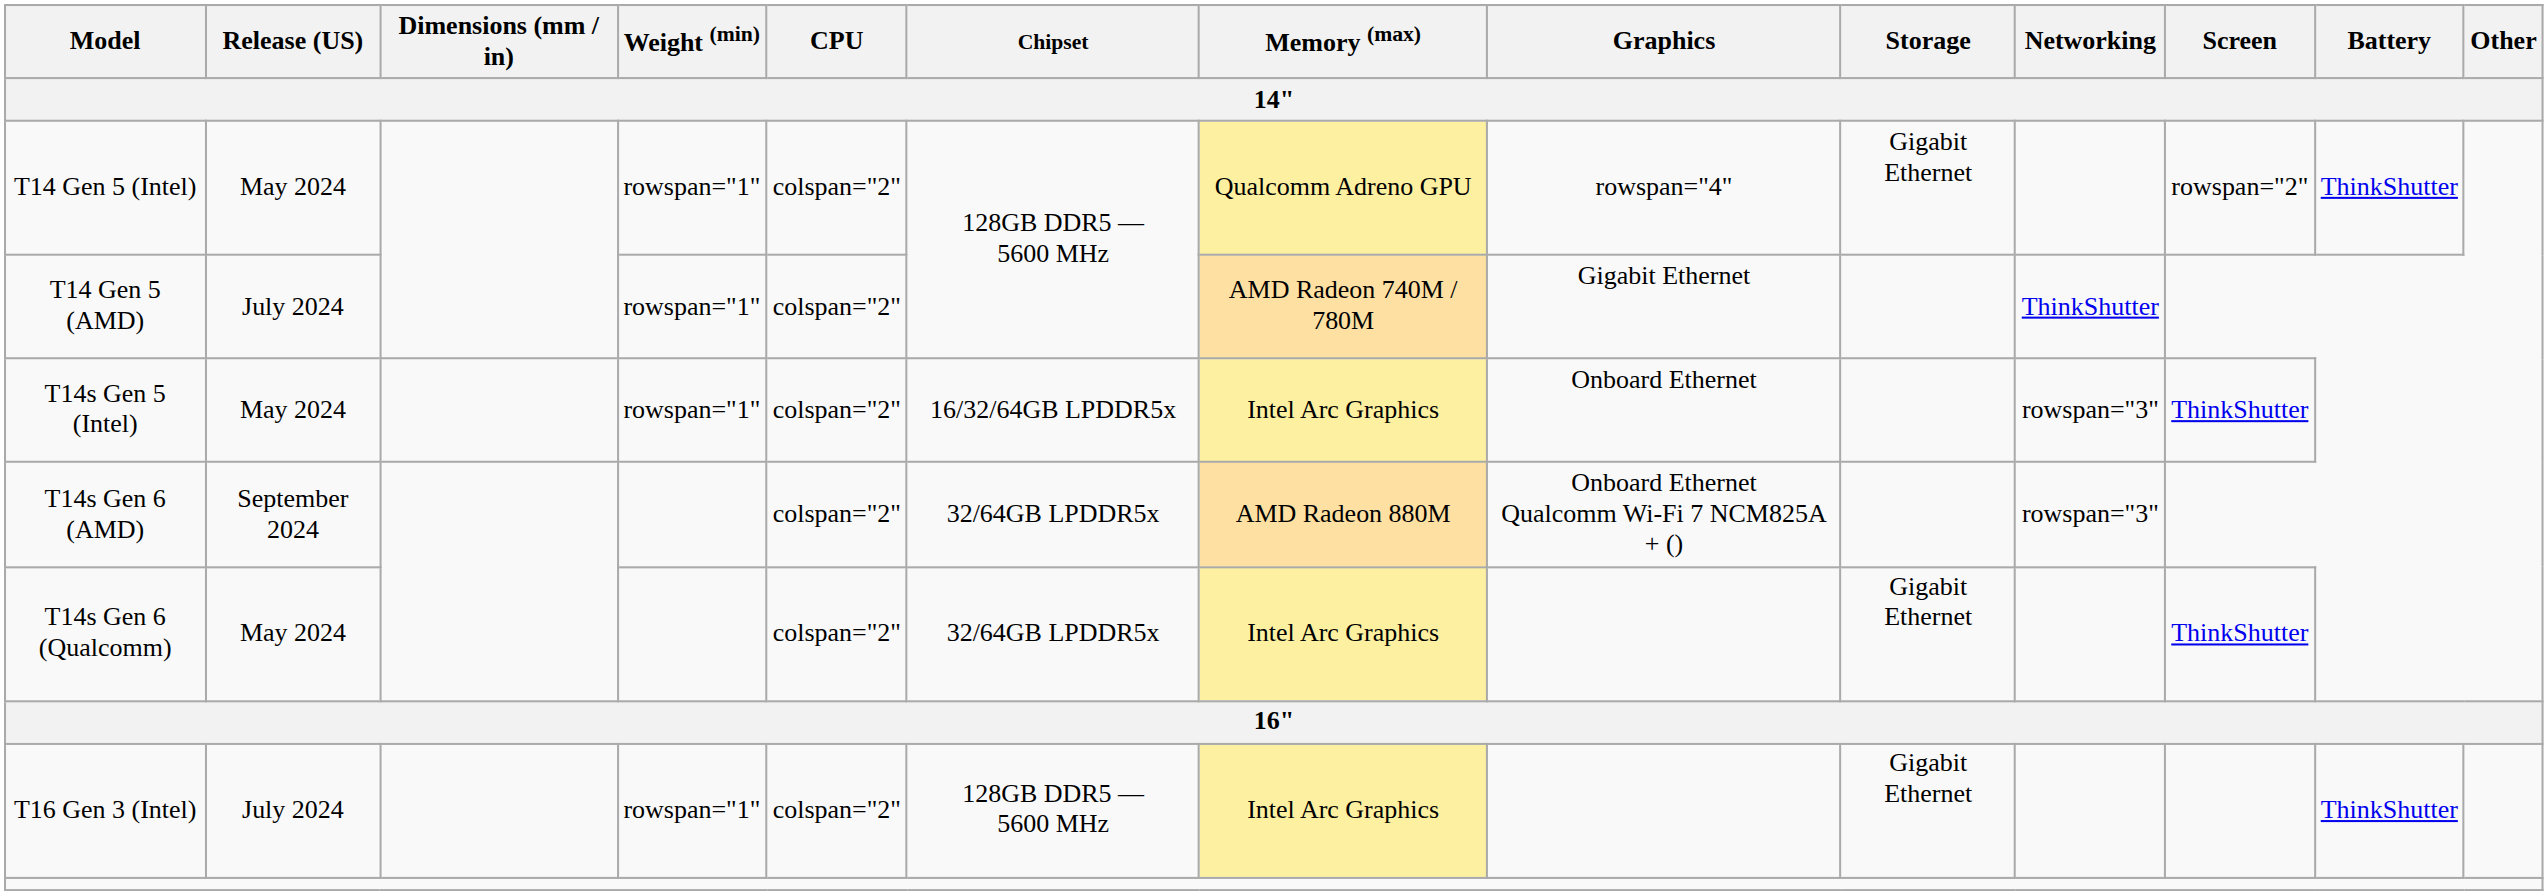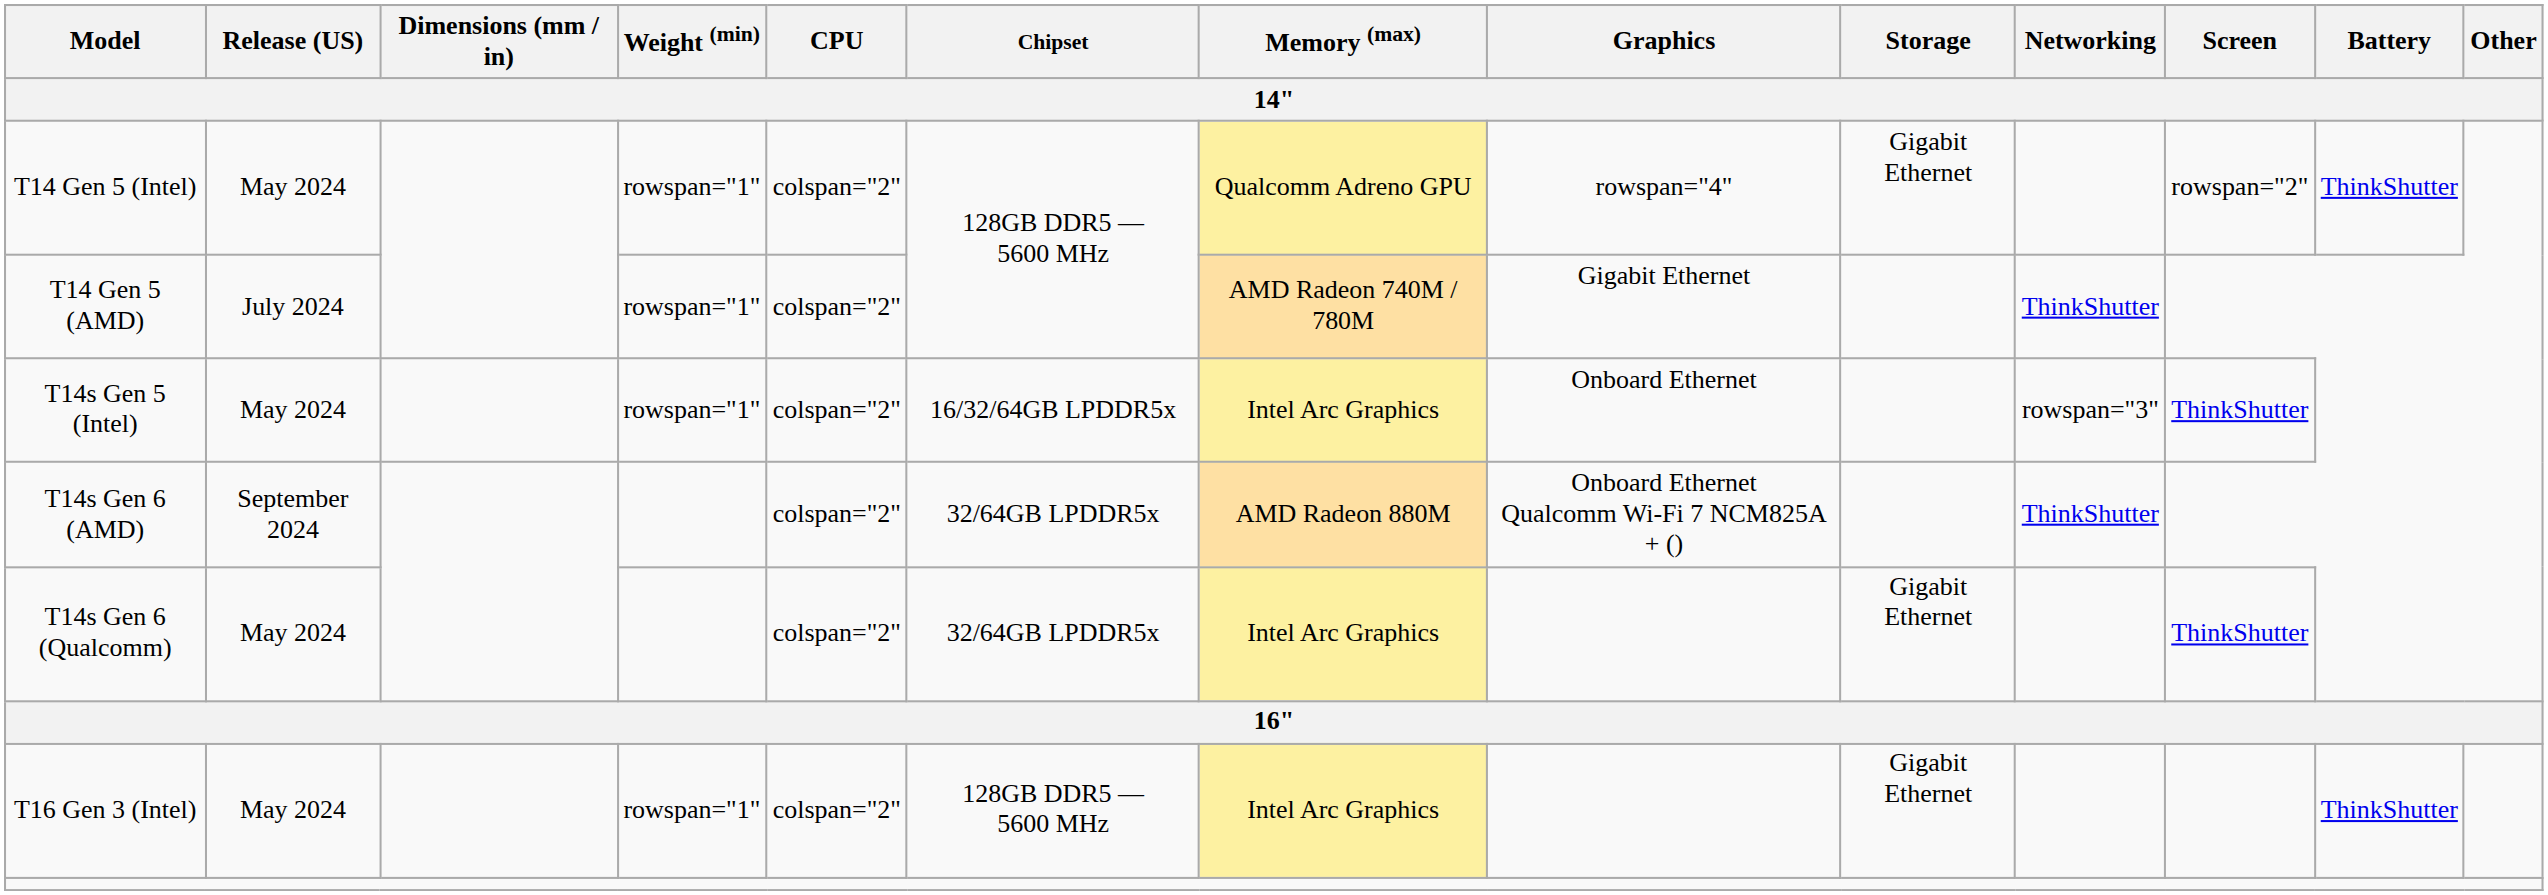 <table class="wikitable" style="font-size: 80%; text-align: center; min-width: 80%;">
 <tr>
 <th>Model</th>
 <th>Release (US)</th>
 <th>Dimensions (mm / in)</th>
 <th>Weight <sup>(min)</sup></th>
 <th>CPU</th>
 <th><small>Chipset</small></th>
 <th>Memory <sup>(max)</sup></th>
 <th>Graphics</th>
 <th>Storage</th>
 <th>Networking</th>
 <th>Screen</th>
 <th>Battery</th>
 <th>Other</th>
 </tr>
 <tr>
 <th colspan="13">14"</th>
 </tr>
 <tr>
 <td>T14 Gen 5 (Intel)</td>
 <td>May 2024</td>
 <td rowspan="2"></td>
 <td>rowspan="1" </td>
 <td>colspan="2" </td>
 <td rowspan="2" style="background:">128GB DDR5 — 5600 MHz </td>
 <td style="background:#fdf1a1;">Qualcomm Adreno GPU</td>
 <td>rowspan="4" </td>
 <td>Gigabit Ethernet<br><br> <br><small></small></td>
 <td></td>
 <td>rowspan="2" </td>
 <td><a href='#'>ThinkShutter</a><br></td>
 </tr>
 <tr>
 <td>T14 Gen 5 (AMD)</td>
 <td>July 2024</td>
 <td>rowspan="1" </td>
 <td>colspan="2" </td>
 <td style="background:#fee0a3;">AMD Radeon 740M / 780M</td>
 <td>Gigabit Ethernet<br><br><br><small></small></td>
 <td></td>
 <td><a href='#'>ThinkShutter</a><br></td>
 </tr>
 <tr>
 <td>T14s Gen 5 (Intel)</td>
 <td>May 2024</td>
 <td></td>
 <td>rowspan="1" </td>
 <td>colspan="2" </td>
 <td style="background:">16/32/64GB LPDDR5x <br></td>
 <td style="background:#fdf1a1;">Intel Arc Graphics</td>
 <td> Onboard Ethernet<br><br> <br><small></small></td>
 <td></td>
 <td>rowspan="3" </td>
 <td><a href='#'>ThinkShutter</a><br></td>
 </tr>
 <tr>
 <td>T14s Gen 6<br>(AMD)</td>
 <td>September 2024</td>
 <td rowspan="2"></td>
 <td></td>
 <td>colspan="2" </td>
 <td style="background:">32/64GB LPDDR5x <br></td>
 <td style="background:#fee0a3;">AMD Radeon 880M</td>
 <td> Onboard Ethernet<br>Qualcomm Wi-Fi 7 NCM825A + () <br><small></small></td>
 <td></td>
-<td>rowspan="3" </td>
+<td><a href='#'>ThinkShutter</a><br></td>
 </tr>
 <tr>
 <td>T14s Gen 6<br>(Qualcomm)</td>
 <td>May 2024</td>
 <td></td>
 <td>colspan="2" </td>
 <td style="background:">32/64GB LPDDR5x <br></td>
 <td style="background:#fdf1a1;">Intel Arc Graphics</td>
 <td></td>
 <td>Gigabit Ethernet<br><br> <br><small></small></td>
 <td></td>
 <td><a href='#'>ThinkShutter</a><br></td>
 </tr>
 <tr>
 <th colspan="13">16"</th>
 </tr>
 <tr>
 <td>T16 Gen 3 (Intel)</td>
-<td>July 2024</td>
+<td>May 2024</td>
 <td></td>
 <td>rowspan="1" </td>
 <td>colspan="2" </td>
 <td style="background:">128GB DDR5 — 5600 MHz </td>
 <td style="background:#fdf1a1;">Intel Arc Graphics</td>
 <td></td>
 <td>Gigabit Ethernet<br><br> <br><small></small></td>
 <td></td>
 <td></td>
 <td><a href='#'>ThinkShutter</a><br></td>
 </tr>
 <tr>
 <td colspan="13"></td>
 </tr>
 </table>
